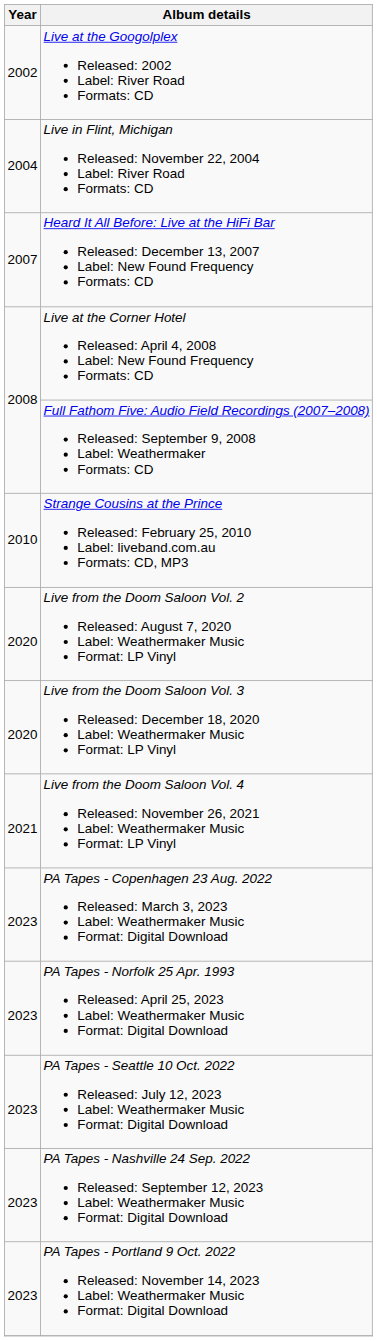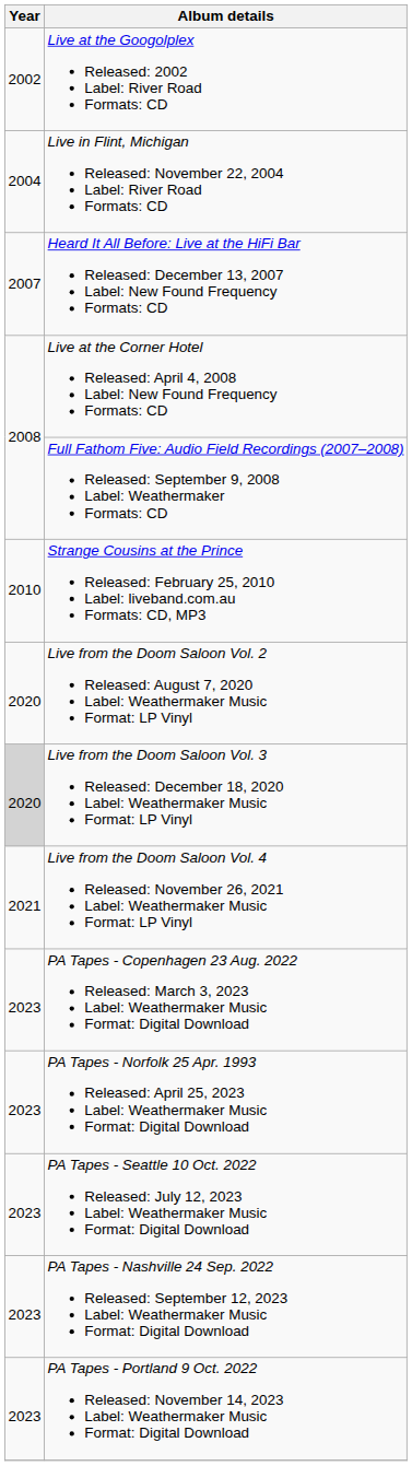 <table class="wikitable" border="1">
 <tr>
 <th>Year</th>
 <th>Album details</th>
 </tr>
 <tr>
 <td align="center">2002</td>
 <td><em><a href='#'>Live at the Googolplex</a></em><br><ul><li>Released: 2002</li><li>Label: River Road</li><li>Formats: CD</li></ul></td>
 </tr>
 <tr>
 <td align="center">2004</td>
 <td><em>Live in Flint, Michigan</em><br><ul><li>Released: November 22, 2004</li><li>Label: River Road</li><li>Formats: CD</li></ul></td>
 </tr>
 <tr>
 <td align="center">2007</td>
 <td><em><a href='#'>Heard It All Before: Live at the HiFi Bar</a></em><br><ul><li>Released: December 13, 2007</li><li>Label: New Found Frequency</li><li>Formats: CD</li></ul></td>
 </tr>
 <tr>
 <td align="center" rowspan="2">2008</td>
 <td><em>Live at the Corner Hotel</em><br><ul><li>Released: April 4, 2008</li><li>Label: New Found Frequency</li><li>Formats: CD</li></ul></td>
 </tr>
 <tr>
 <td><em><a href='#'>Full Fathom Five: Audio Field Recordings (2007–2008)</a></em><br><ul><li>Released: September 9, 2008</li><li>Label: Weathermaker</li><li>Formats: CD</li></ul></td>
 </tr>
 <tr>
 <td align="center">2010</td>
 <td><em><a href='#'>Strange Cousins at the Prince</a></em><br><ul><li>Released: February 25, 2010</li><li>Label: liveband.com.au</li><li>Formats: CD, MP3</li></ul></td>
 </tr>
 <tr>
 <td><br>2020</td>
 <td><em>Live from the Doom Saloon Vol. 2</em><br><ul><li>Released: August 7, 2020</li><li>Label: Weathermaker Music</li><li>Format: LP Vinyl</li></ul></td>
 </tr>
 <tr>
-<td><br>2020</td>
+<td style="background: lightgrey;"><br>2020</td>
 <td><em>Live from the Doom Saloon Vol. 3</em><br><ul><li>Released: December 18, 2020</li><li>Label: Weathermaker Music</li><li>Format: LP Vinyl</li></ul></td>
 </tr>
 <tr>
 <td><br>2021</td>
 <td><em>Live from the Doom Saloon Vol. 4</em><br><ul><li>Released: November 26, 2021</li><li>Label: Weathermaker Music</li><li>Format: LP Vinyl</li></ul></td>
 </tr>
 <tr>
 <td><br>2023</td>
 <td><em>PA Tapes - Copenhagen 23 Aug. 2022</em><br><ul><li>Released: March 3, 2023</li><li>Label: Weathermaker Music</li><li>Format: Digital Download</li></ul></td>
 </tr>
 <tr>
 <td><br>2023</td>
 <td><em>PA Tapes - Norfolk 25 Apr. 1993</em><br><ul><li>Released: April 25, 2023</li><li>Label: Weathermaker Music</li><li>Format: Digital Download</li></ul></td>
 </tr>
 <tr>
 <td><br>2023</td>
 <td><em>PA Tapes - Seattle 10 Oct. 2022</em><br><ul><li>Released: July 12, 2023</li><li>Label: Weathermaker Music</li><li>Format: Digital Download</li></ul></td>
 </tr>
 <tr>
 <td><br>2023</td>
 <td><em>PA Tapes - Nashville 24 Sep. 2022</em><br><ul><li>Released: September 12, 2023</li><li>Label: Weathermaker Music</li><li>Format: Digital Download</li></ul></td>
 </tr>
 <tr>
 <td><br>2023</td>
 <td><em>PA Tapes - Portland 9 Oct. 2022</em><br><ul><li>Released: November 14, 2023</li><li>Label: Weathermaker Music</li><li>Format: Digital Download</li></ul></td>
 </tr>
 <tr>
 </tr>
 </table>
